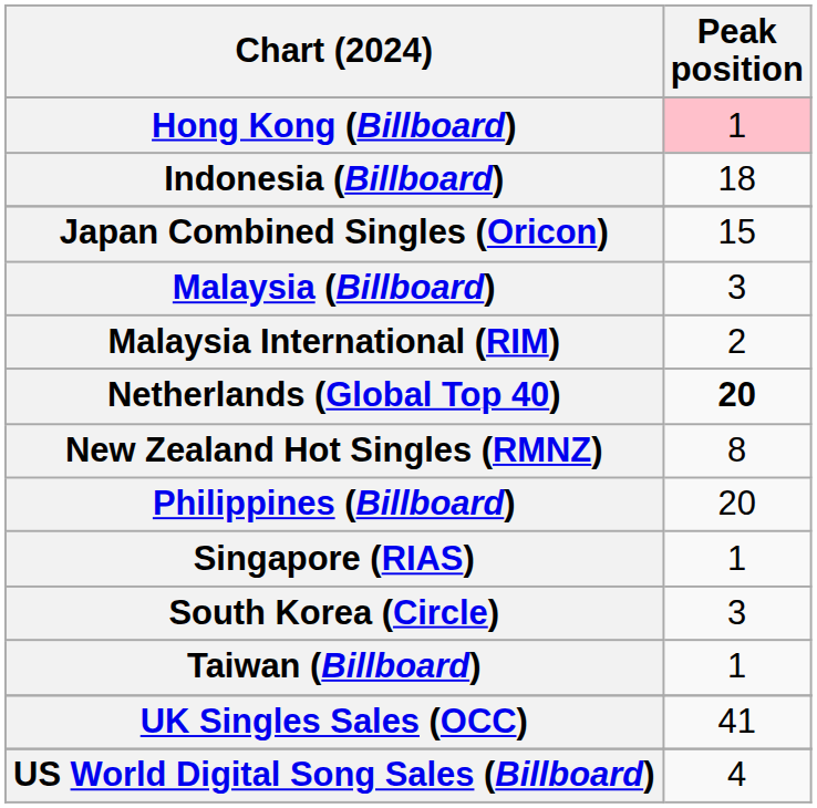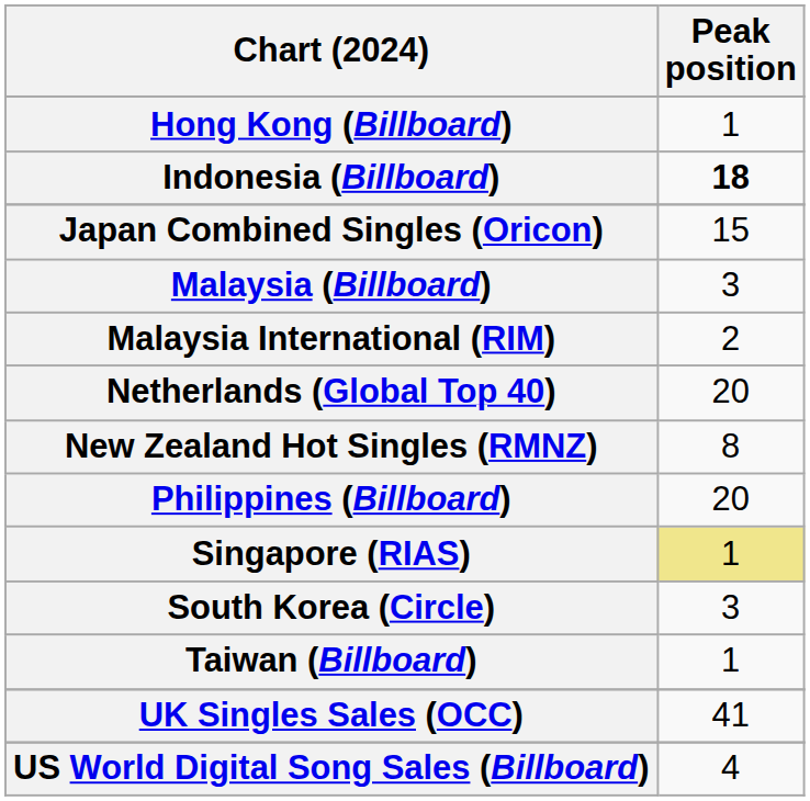 <table class="wikitable sortable plainrowheaders" style="text-align:center">
 <tr>
 <th scope="col">Chart (2024)</th>
 <th scope="col">Peak<br>position</th>
 </tr>
 <tr>
 </tr>
 <tr>
 </tr>
 <tr>
 <th scope="row"><a href='#'>Hong Kong</a> (<em><a href='#'>Billboard</a></em>)</th>
-<td style="background: pink;">1</td>
+<td>1</td>
 </tr>
 <tr>
 <th scope="row">Indonesia (<em><a href='#'>Billboard</a></em>)</th>
-<td>18</td>
+<td><strong>18</strong></td>
 </tr>
 <tr>
 </tr>
 <tr>
 <th scope="row">Japan Combined Singles (<a href='#'>Oricon</a>)</th>
 <td>15</td>
 </tr>
 <tr>
 <th scope="row"><a href='#'>Malaysia</a> (<em><a href='#'>Billboard</a></em>)</th>
 <td>3</td>
 </tr>
 <tr>
 <th scope="row">Malaysia International (<a href='#'>RIM</a>)</th>
 <td>2</td>
 </tr>
 <tr>
 <th scope="row">Netherlands (<a href='#'>Global Top 40</a>)</th>
-<td><strong>20</strong></td>
+<td>20</td>
 </tr>
 <tr>
 <th scope="row">New Zealand Hot Singles (<a href='#'>RMNZ</a>)</th>
 <td>8</td>
 </tr>
 <tr>
 <th scope="row"><a href='#'>Philippines</a> (<em><a href='#'>Billboard</a></em>)</th>
 <td>20</td>
 </tr>
 <tr>
 <th scope="row">Singapore (<a href='#'>RIAS</a>)</th>
-<td>1</td>
+<td style="background: khaki;">1</td>
 </tr>
 <tr>
 <th scope="row">South Korea (<a href='#'>Circle</a>)</th>
 <td>3</td>
 </tr>
 <tr>
 <th scope="row">Taiwan (<em><a href='#'>Billboard</a></em>)</th>
 <td>1</td>
 </tr>
 <tr>
 </tr>
 <tr>
 </tr>
 <tr>
 <th scope="row"><a href='#'>UK Singles Sales</a> (<a href='#'>OCC</a>)</th>
 <td>41</td>
 </tr>
 <tr>
 </tr>
 <tr>
 <th scope="row">US <a href='#'>World Digital Song Sales</a> (<em><a href='#'>Billboard</a></em>)</th>
 <td>4</td>
 </tr>
 </table>
